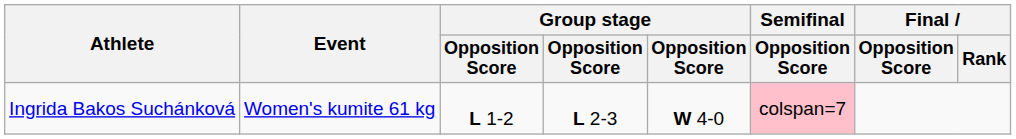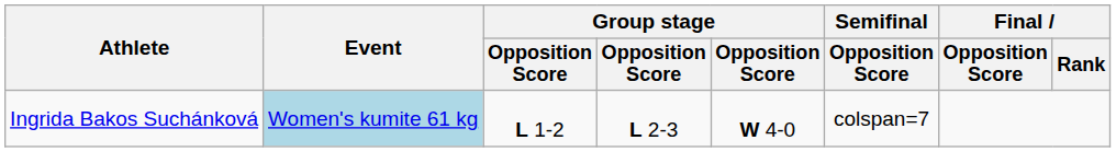 <table class="wikitable" style="font-size:90%">
 <tr>
 <th rowspan="2">Athlete</th>
 <th rowspan="2">Event</th>
 <th colspan="3">Group stage</th>
 <th>Semifinal</th>
 <th colspan=2>Final / </th>
 </tr>
 <tr style="font-size:95%">
 <th>Opposition <br> Score</th>
 <th>Opposition <br> Score</th>
 <th>Opposition <br> Score</th>
 <th>Opposition <br> Score</th>
 <th>Opposition <br> Score</th>
 <th>Rank</th>
 </tr>
 <tr align=center>
 <td align=left><a href='#'>Ingrida Bakos Suchánková</a></td>
-<td align=center><a href='#'>Women's kumite 61 kg</a></td>
+<td align=center style="background: lightblue;"><a href='#'>Women's kumite 61 kg</a></td>
 <td><br><strong>L</strong> 1-2</td>
 <td><br><strong>L</strong> 2-3</td>
 <td><br><strong>W</strong> 4-0</td>
-<td style="background: pink;">colspan=7 </td>
+<td>colspan=7 </td>
 </tr>
 </table>
